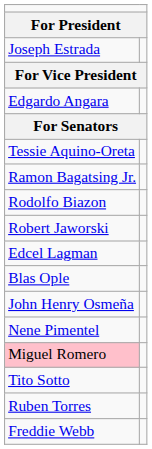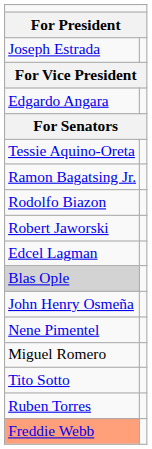 <table class=wikitable style="font-size:90%">
 <tr>
 <td colspan=4 bgcolor=></td>
 </tr>
 <tr>
 <th colspan=5>For President</th>
 </tr>
 <tr>
 <td><a href='#'>Joseph Estrada</a></td>
 <td></td>
 </tr>
 <tr>
 <th colspan=5>For Vice President</th>
 </tr>
 <tr>
 <td><a href='#'>Edgardo Angara</a></td>
 <td></td>
 </tr>
 <tr>
 <th colspan=5>For Senators</th>
 </tr>
 <tr>
 <td><a href='#'>Tessie Aquino-Oreta</a></td>
 <td></td>
 </tr>
 <tr>
 <td><a href='#'>Ramon Bagatsing Jr.</a></td>
 <td></td>
 </tr>
 <tr>
 <td><a href='#'>Rodolfo Biazon</a></td>
 <td></td>
 </tr>
 <tr>
 <td><a href='#'>Robert Jaworski</a></td>
 <td></td>
 </tr>
 <tr>
 <td><a href='#'>Edcel Lagman</a></td>
 <td></td>
 </tr>
 <tr>
-<td><a href='#'>Blas Ople</a></td>
+<td style="background: lightgrey;"><a href='#'>Blas Ople</a></td>
 <td></td>
 </tr>
 <tr>
 <td><a href='#'>John Henry Osmeña</a></td>
 <td></td>
 </tr>
 <tr>
 <td><a href='#'>Nene Pimentel</a></td>
 <td></td>
 </tr>
 <tr>
-<td style="background: pink;">Miguel Romero</td>
+<td>Miguel Romero</td>
 <td></td>
 </tr>
 <tr>
 <td><a href='#'>Tito Sotto</a></td>
 <td></td>
 </tr>
 <tr>
 <td><a href='#'>Ruben Torres</a></td>
 <td></td>
 </tr>
 <tr>
-<td><a href='#'>Freddie Webb</a></td>
+<td style="background: lightsalmon;"><a href='#'>Freddie Webb</a></td>
 <td></td>
 </tr>
 </table>
